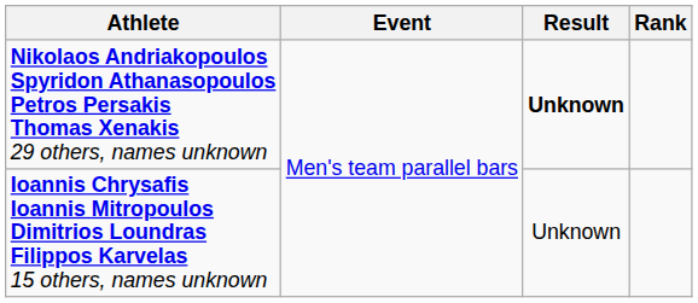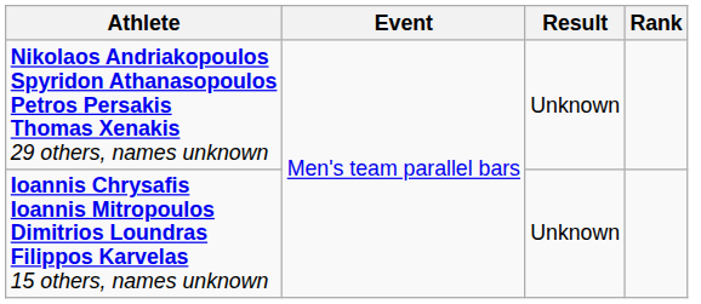 <table class="wikitable" style="font-size:90%">
 <tr>
 <th>Athlete</th>
 <th>Event</th>
 <th>Result</th>
 <th>Rank</th>
 </tr>
 <tr>
 <td><strong><a href='#'>Nikolaos Andriakopoulos</a><br><a href='#'>Spyridon Athanasopoulos</a><br><a href='#'>Petros Persakis</a><br><a href='#'>Thomas Xenakis</a></strong><br><em>29 others, names unknown</em></td>
 <td rowspan=2><a href='#'>Men's team parallel bars</a></td>
-<td align="center"><strong>Unknown</strong></td>
+<td align="center">Unknown</td>
 <td></td>
 </tr>
 <tr>
 <td><strong><a href='#'>Ioannis Chrysafis</a><br><a href='#'>Ioannis Mitropoulos</a><br><a href='#'>Dimitrios Loundras</a><br><a href='#'>Filippos Karvelas</a></strong><br><em>15 others, names unknown</em></td>
 <td align="center">Unknown</td>
 <td></td>
 </tr>
 </table>
